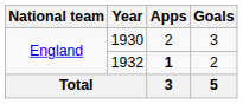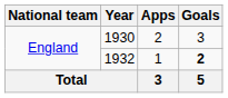 <table class=wikitable style=text-align:center>
 <tr>
 <th>National team</th>
 <th>Year</th>
 <th>Apps</th>
 <th>Goals</th>
 </tr>
 <tr>
 <td rowspan=2><a href='#'>England</a></td>
 <td>1930</td>
 <td>2</td>
 <td>3</td>
 </tr>
 <tr>
 <td>1932</td>
-<td><strong>1</strong></td>
-<td>2</td>
+<td>1</td>
+<td><strong>2</strong></td>
 </tr>
 <tr>
 <th colspan=2>Total</th>
 <th>3</th>
 <th>5</th>
 </tr>
 </table>
